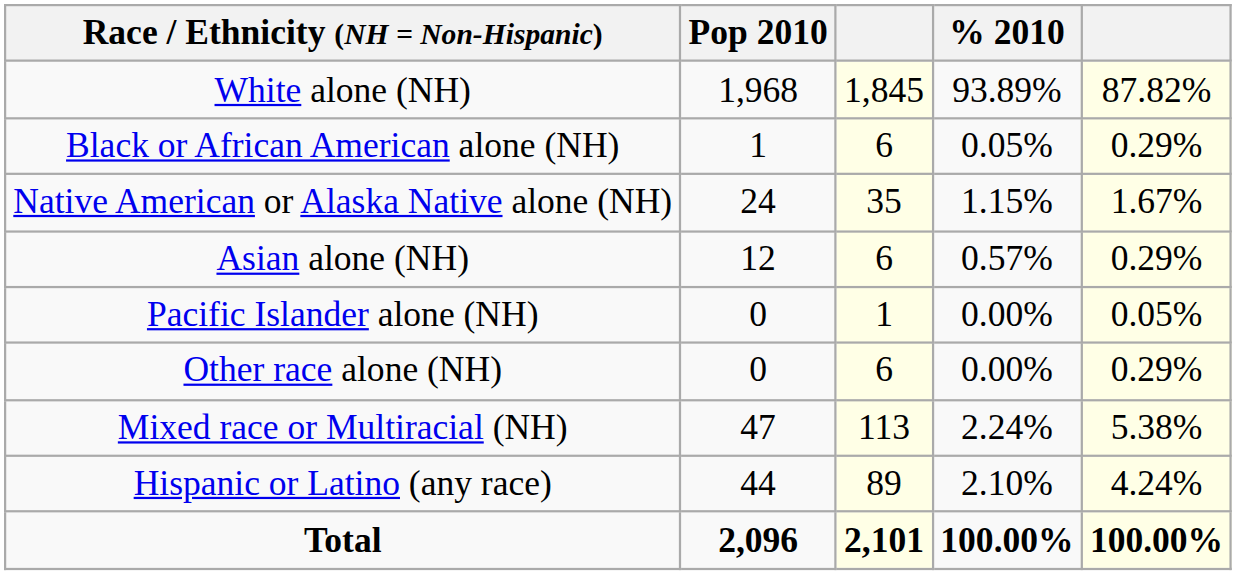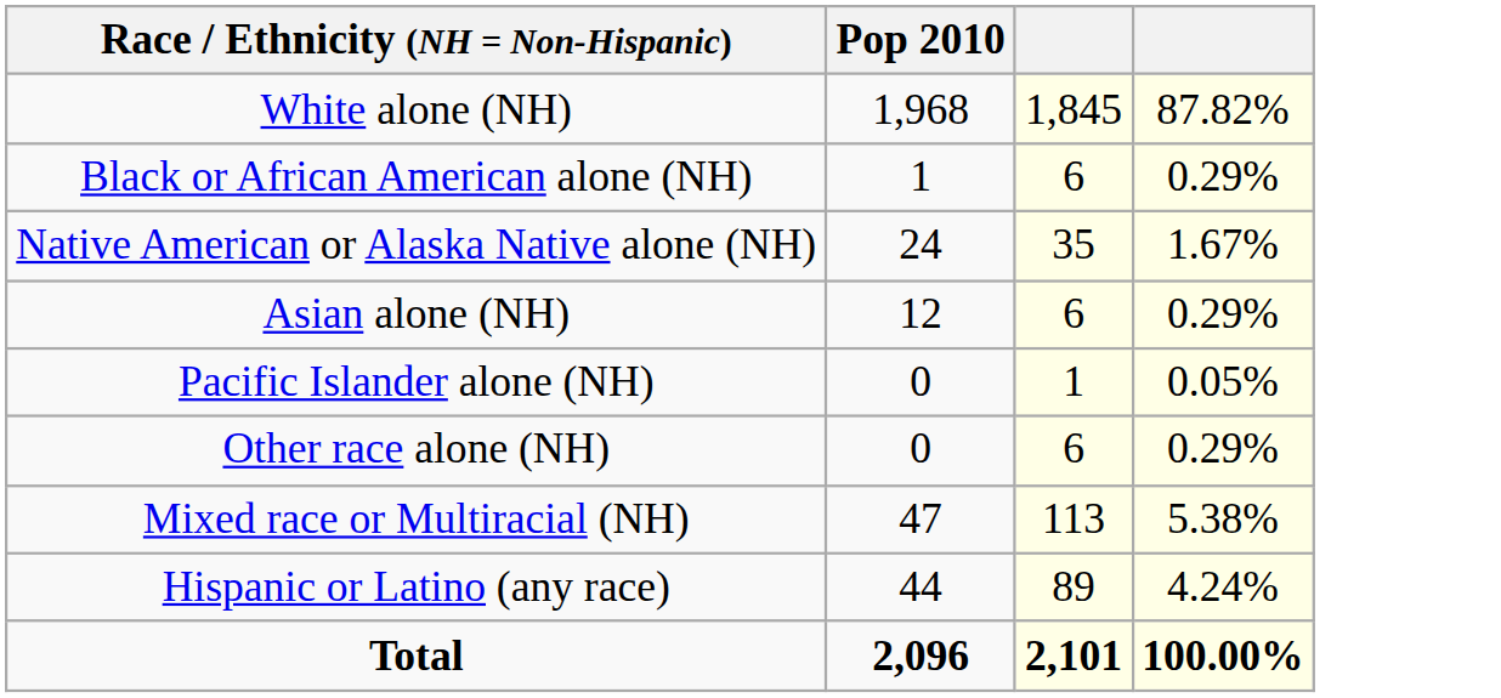 <table class="wikitable" style="text-align:center;">
 <tr>
 <th>Race / Ethnicity <small>(<em>NH = Non-Hispanic</em>)</small></th>
 <th>Pop 2010</th>
 <th></th>
-<th>% 2010</th>
 <th></th>
 </tr>
 <tr>
 <td><a href='#'>White</a> alone (NH)</td>
 <td>1,968</td>
 <td style='background: #ffffe6;'>1,845</td>
-<td>93.89%</td>
 <td style='background: #ffffe6;'>87.82%</td>
 </tr>
 <tr>
 <td><a href='#'>Black or African American</a> alone (NH)</td>
 <td>1</td>
 <td style='background: #ffffe6;'>6</td>
-<td>0.05%</td>
 <td style='background: #ffffe6;'>0.29%</td>
 </tr>
 <tr>
 <td><a href='#'>Native American</a> or <a href='#'>Alaska Native</a> alone (NH)</td>
 <td>24</td>
 <td style='background: #ffffe6;'>35</td>
-<td>1.15%</td>
 <td style='background: #ffffe6;'>1.67%</td>
 </tr>
 <tr>
 <td><a href='#'>Asian</a> alone (NH)</td>
 <td>12</td>
 <td style='background: #ffffe6;'>6</td>
-<td>0.57%</td>
 <td style='background: #ffffe6;'>0.29%</td>
 </tr>
 <tr>
 <td><a href='#'>Pacific Islander</a> alone (NH)</td>
 <td>0</td>
 <td style='background: #ffffe6;'>1</td>
-<td>0.00%</td>
 <td style='background: #ffffe6;'>0.05%</td>
 </tr>
 <tr>
 <td><a href='#'>Other race</a> alone (NH)</td>
 <td>0</td>
 <td style='background: #ffffe6;'>6</td>
-<td>0.00%</td>
 <td style='background: #ffffe6;'>0.29%</td>
 </tr>
 <tr>
 <td><a href='#'>Mixed race or Multiracial</a> (NH)</td>
 <td>47</td>
 <td style='background: #ffffe6;'>113</td>
-<td>2.24%</td>
 <td style='background: #ffffe6;'>5.38%</td>
 </tr>
 <tr>
 <td><a href='#'>Hispanic or Latino</a> (any race)</td>
 <td>44</td>
 <td style='background: #ffffe6;'>89</td>
-<td>2.10%</td>
 <td style='background: #ffffe6;'>4.24%</td>
 </tr>
 <tr>
 <td><strong>Total</strong></td>
 <td><strong>2,096</strong></td>
 <td style='background: #ffffe6;'><strong>2,101</strong></td>
-<td><strong>100.00%</strong></td>
 <td style='background: #ffffe6;'><strong>100.00%</strong></td>
 </tr>
 </table>
